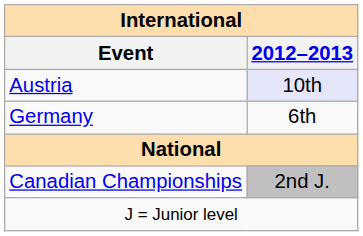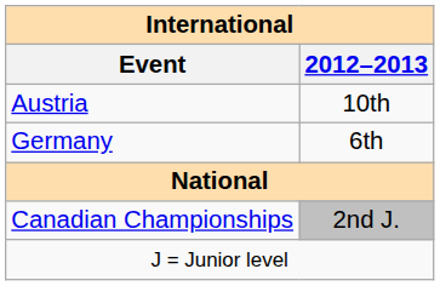 <table class="wikitable" style="text-align:center">
 <tr>
 <th style="background-color: #ffdead; " colspan=2 align=center>International</th>
 </tr>
 <tr>
 <th>Event</th>
 <th><a href='#'>2012–2013</a></th>
 </tr>
 <tr>
 <td align=left> <a href='#'>Austria</a></td>
-<td style="background: lavender;">10th</td>
+<td>10th</td>
 </tr>
 <tr>
 <td align=left> <a href='#'>Germany</a></td>
 <td>6th</td>
 </tr>
 <tr>
 <th style="background-color: #ffdead; " colspan=2 align=center>National</th>
 </tr>
 <tr>
 <td align=left><a href='#'>Canadian Championships</a></td>
 <td bgcolor=silver>2nd J.</td>
 </tr>
 <tr>
 <td colspan=2 align=center><small> J = Junior level </small></td>
 </tr>
 </table>
